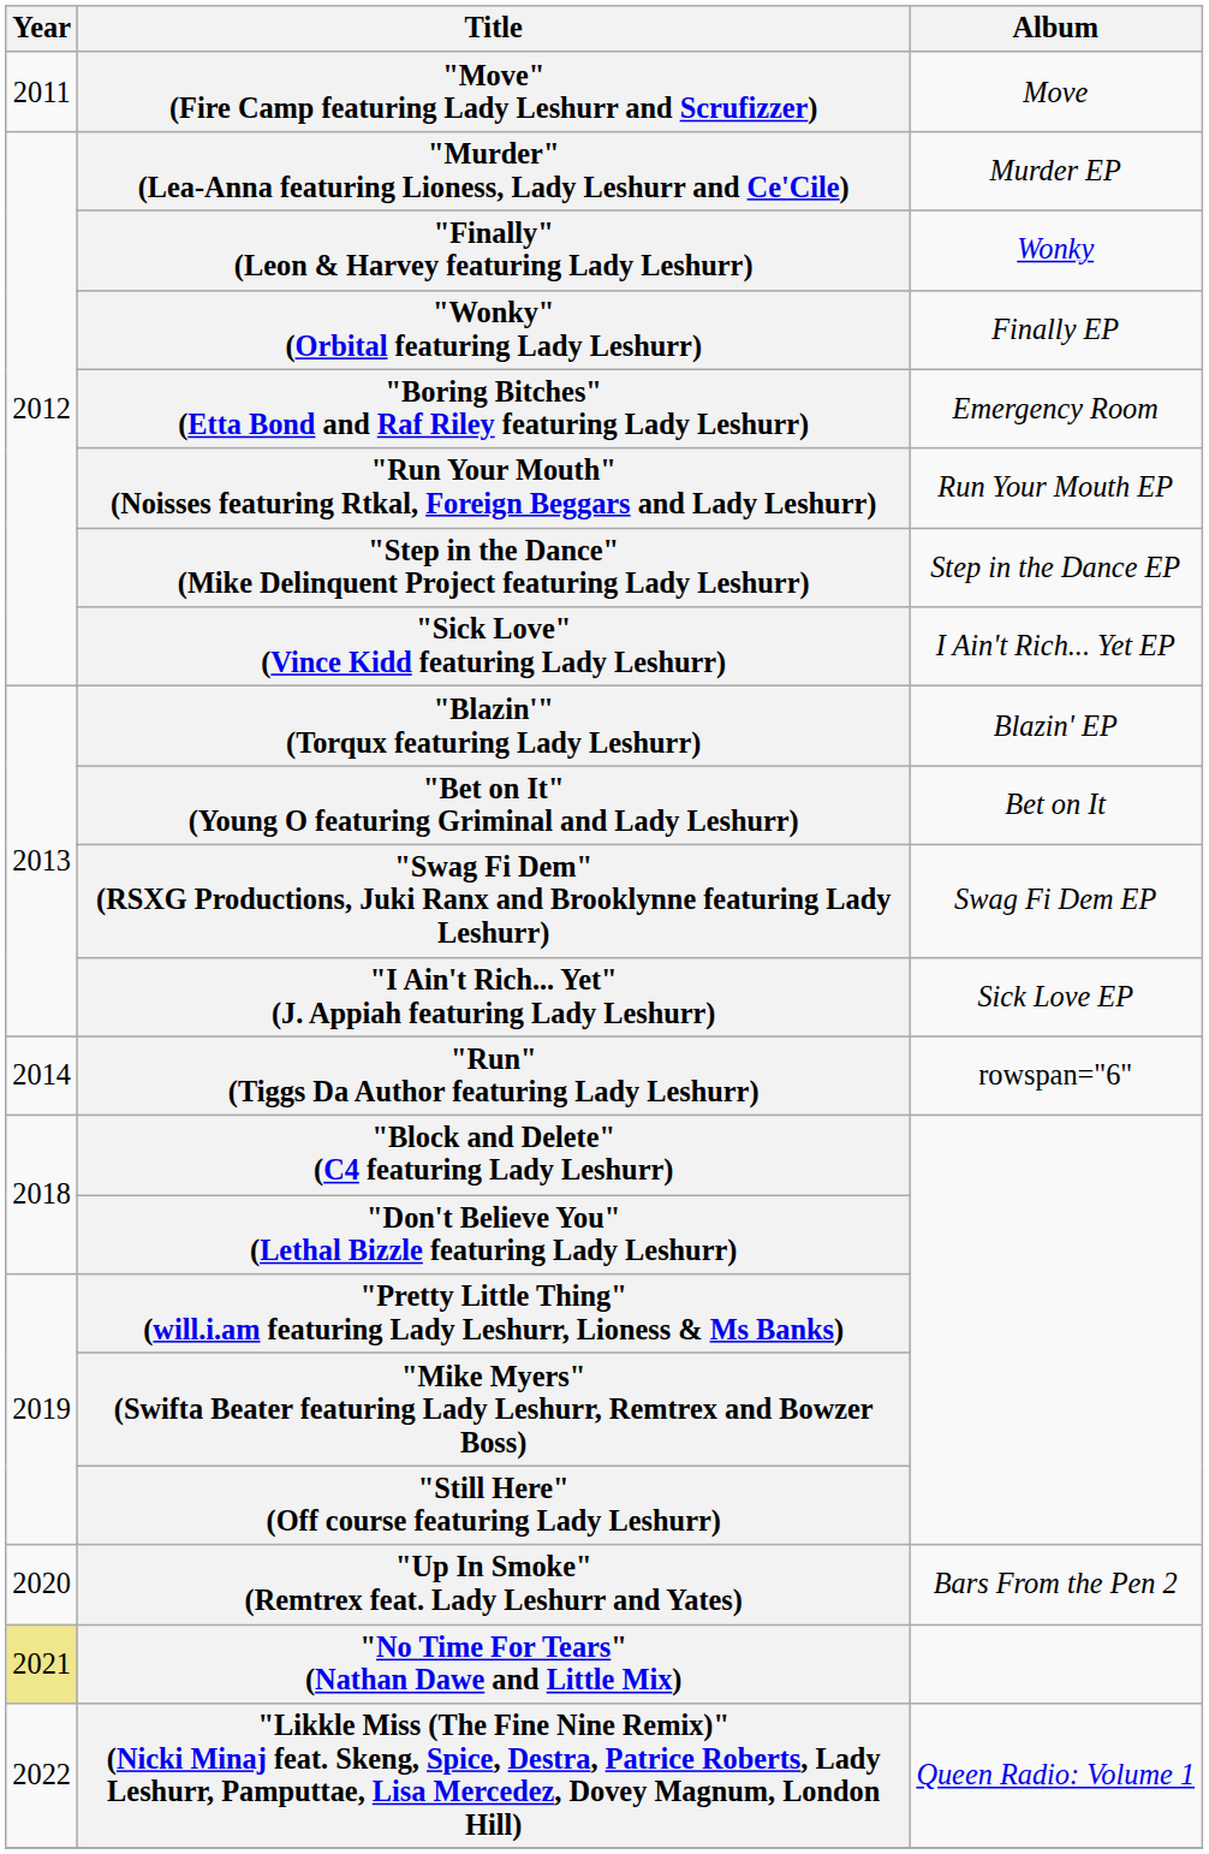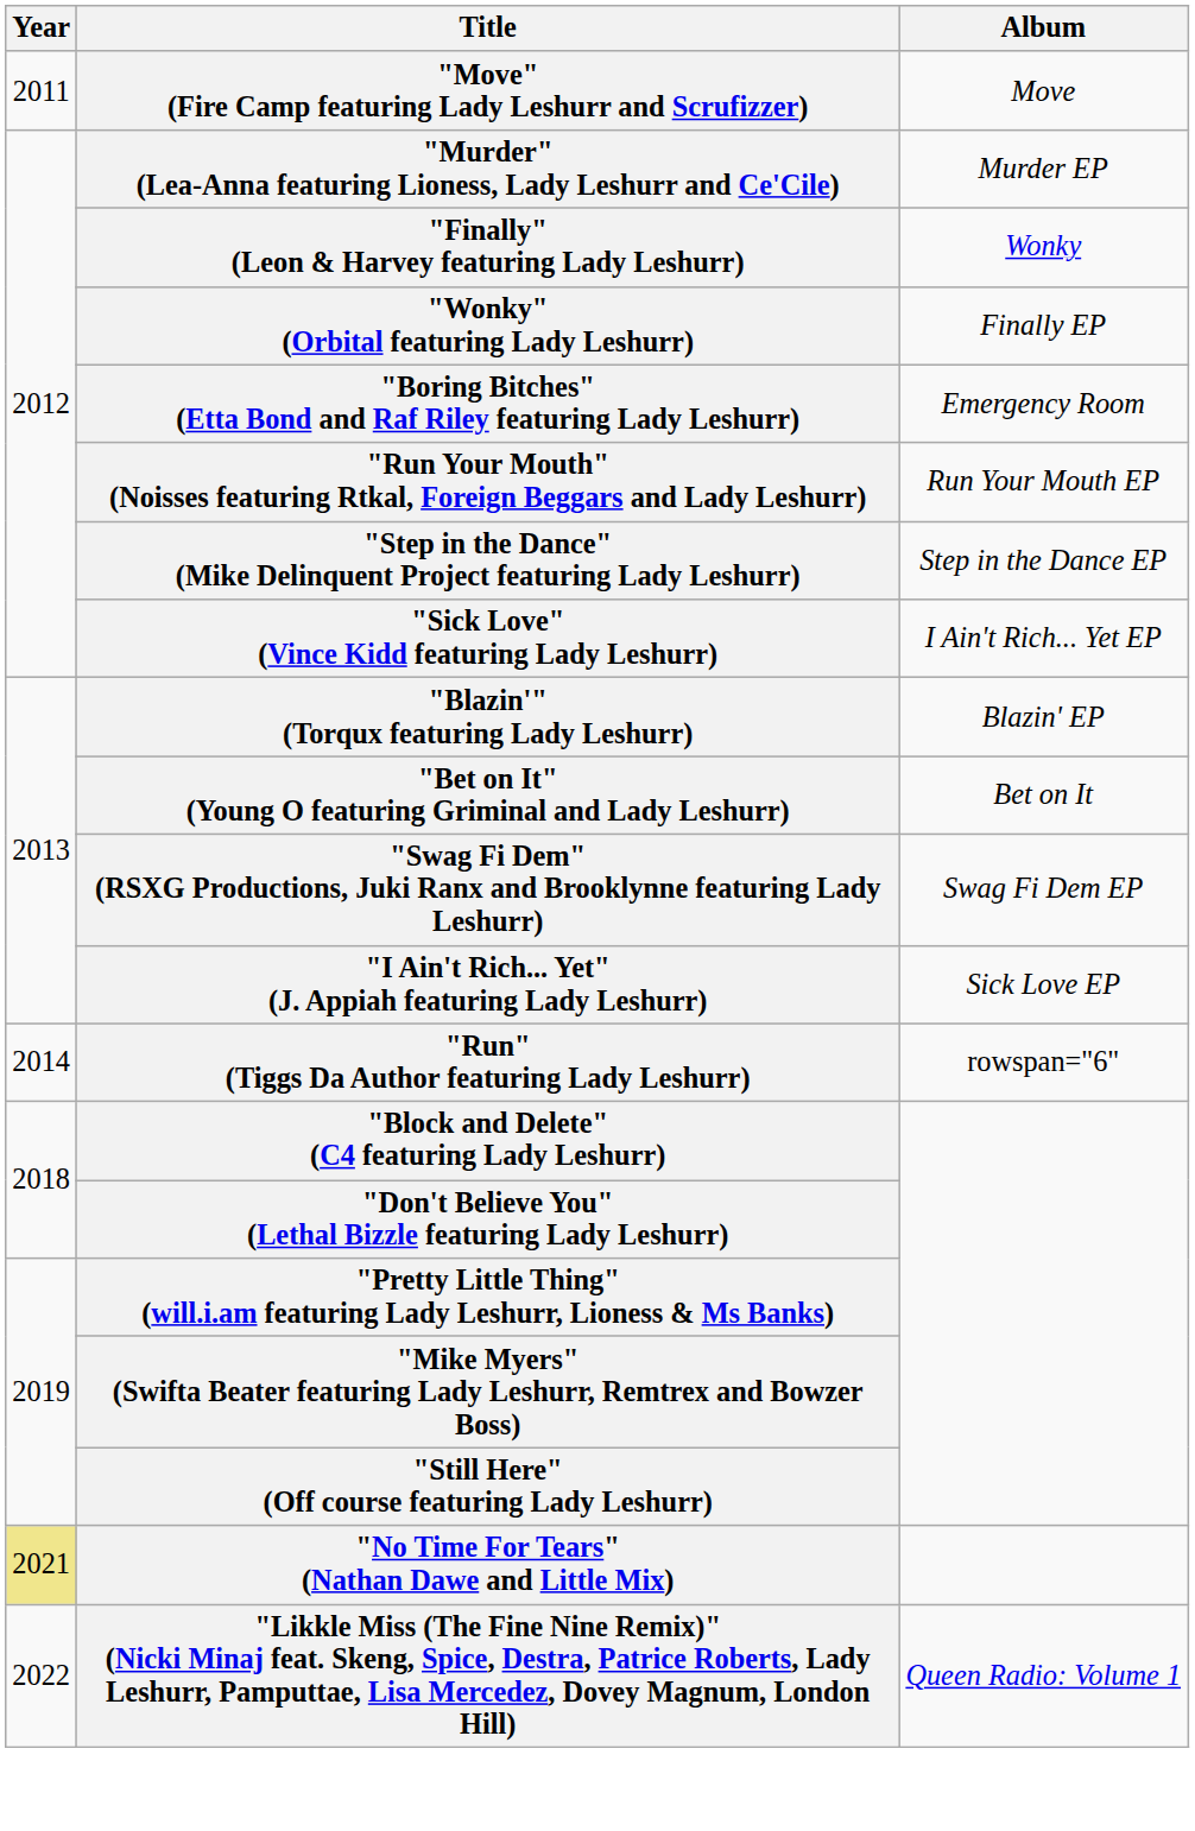 <table class="wikitable plainrowheaders" style="text-align:center;">
 <tr>
 <th scope="col" style="width:1em;">Year</th>
 <th scope="col" style="width:28em;">Title</th>
 <th scope="col">Album</th>
 </tr>
 <tr>
 <td>2011</td>
 <th scope="row">"Move"<br><span>(Fire Camp featuring Lady Leshurr and <a href='#'>Scrufizzer</a>)</span></th>
 <td><em>Move</em></td>
 </tr>
 <tr>
 <td rowspan="7">2012</td>
 <th scope="row">"Murder"<br><span>(Lea-Anna featuring Lioness, Lady Leshurr and <a href='#'>Ce'Cile</a>)</span></th>
 <td><em>Murder EP</em></td>
 </tr>
 <tr>
 <th scope="row">"Finally"<br><span>(Leon & Harvey featuring Lady Leshurr)</span></th>
 <td><em><a href='#'>Wonky</a></em></td>
 </tr>
 <tr>
 <th scope="row">"Wonky"<br><span>(<a href='#'>Orbital</a> featuring Lady Leshurr)</span></th>
 <td><em>Finally EP</em></td>
 </tr>
 <tr>
 <th scope="row">"Boring Bitches"<br><span>(<a href='#'>Etta Bond</a> and <a href='#'>Raf Riley</a> featuring Lady Leshurr)</span></th>
 <td><em>Emergency Room</em></td>
 </tr>
 <tr>
 <th scope="row">"Run Your Mouth"<br><span>(Noisses featuring Rtkal, <a href='#'>Foreign Beggars</a> and Lady Leshurr)</span></th>
 <td><em>Run Your Mouth EP</em></td>
 </tr>
 <tr>
 <th scope="row">"Step in the Dance"<br><span>(Mike Delinquent Project featuring Lady Leshurr)</span></th>
 <td><em>Step in the Dance EP</em></td>
 </tr>
 <tr>
 <th scope="row">"Sick Love"<br><span>(<a href='#'>Vince Kidd</a> featuring Lady Leshurr)</span></th>
 <td><em>I Ain't Rich... Yet EP</em></td>
 </tr>
 <tr>
 <td rowspan="4">2013</td>
 <th scope="row">"Blazin'"<br><span>(Torqux featuring Lady Leshurr)</span></th>
 <td><em>Blazin' EP</em></td>
 </tr>
 <tr>
 <th scope="row">"Bet on It"<br><span>(Young O featuring Griminal and Lady Leshurr)</span></th>
 <td><em>Bet on It</em></td>
 </tr>
 <tr>
 <th scope="row">"Swag Fi Dem"<br><span>(RSXG Productions, Juki Ranx and Brooklynne featuring Lady Leshurr)</span></th>
 <td><em>Swag Fi Dem EP</em></td>
 </tr>
 <tr>
 <th scope="row">"I Ain't Rich... Yet"<br><span>(J. Appiah featuring Lady Leshurr)</span></th>
 <td><em>Sick Love EP</em></td>
 </tr>
 <tr>
 <td>2014</td>
 <th scope="row">"Run"<br><span>(Tiggs Da Author featuring Lady Leshurr)</span></th>
 <td>rowspan="6" </td>
 </tr>
 <tr>
 <td rowspan="2">2018</td>
 <th scope="row">"Block and Delete" <br><span>(<a href='#'>C4</a> featuring Lady Leshurr)</span></th>
 </tr>
 <tr>
 <th scope="row">"Don't Believe You" <br><span>(<a href='#'>Lethal Bizzle</a> featuring Lady Leshurr)</span></th>
 </tr>
 <tr>
 <td rowspan="3">2019</td>
 <th scope="row">"Pretty Little Thing"<br><span>(<a href='#'>will.i.am</a> featuring Lady Leshurr, Lioness & <a href='#'>Ms Banks</a>)</span></th>
 </tr>
 <tr>
 <th scope="row">"Mike Myers" <br><span>(Swifta Beater featuring Lady Leshurr, Remtrex and Bowzer Boss)</span></th>
 </tr>
 <tr>
 <th scope="row">"Still Here" <br><span>(Off course featuring Lady Leshurr)</span></th>
 </tr>
 <tr>
-<td>2020</td>
-<th scope="row">"Up In Smoke" <br><span>(Remtrex feat. Lady Leshurr and Yates)</span></th>
-<td><em>Bars From the Pen 2</em></td>
-</tr>
-<tr>
 <td style="background: khaki;">2021</td>
 <th scope="row">"<a href='#'>No Time For Tears</a>" <br><span>(<a href='#'>Nathan Dawe</a> and <a href='#'>Little Mix</a>)</span></th>
 <td></td>
 </tr>
 <tr>
 <td>2022</td>
 <th scope="row">"Likkle Miss (The Fine Nine Remix)" <br><span>(<a href='#'>Nicki Minaj</a> feat. Skeng, <a href='#'>Spice</a>, <a href='#'>Destra</a>, <a href='#'>Patrice Roberts</a>, Lady Leshurr, Pamputtae, <a href='#'>Lisa Mercedez</a>, Dovey Magnum, London Hill)</span></th>
 <td><em><a href='#'>Queen Radio: Volume 1</a></em></td>
 </tr>
 <tr>
 </tr>
 </table>
